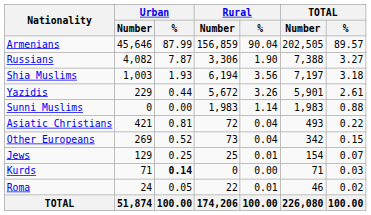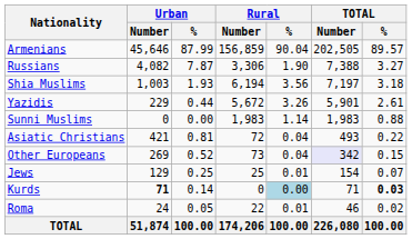 <table class="wikitable sortable">
 <tr>
 <th rowspan="2">Nationality</th>
 <th colspan="2"><a href='#'>Urban</a></th>
 <th colspan="2"><a href='#'>Rural</a></th>
 <th colspan="2">TOTAL</th>
 </tr>
 <tr>
 <th>Number</th>
 <th>%</th>
 <th>Number</th>
 <th>%</th>
 <th>Number</th>
 <th>%</th>
 </tr>
 <tr>
 <td><a href='#'>Armenians</a></td>
 <td align="right">45,646</td>
 <td align="right">87.99</td>
 <td align="right">156,859</td>
 <td align="right">90.04</td>
 <td align="right">202,505</td>
 <td align="right">89.57</td>
 </tr>
 <tr>
 <td><a href='#'>Russians</a></td>
 <td align="right">4,082</td>
 <td align="right">7.87</td>
 <td align="right">3,306</td>
 <td align="right">1.90</td>
 <td align="right">7,388</td>
 <td align="right">3.27</td>
 </tr>
 <tr>
 <td><a href='#'>Shia Muslims</a></td>
 <td align="right">1,003</td>
 <td align="right">1.93</td>
 <td align="right">6,194</td>
 <td align="right">3.56</td>
 <td align="right">7,197</td>
 <td align="right">3.18</td>
 </tr>
 <tr>
 <td><a href='#'>Yazidis</a></td>
 <td align="right">229</td>
 <td align="right">0.44</td>
 <td align="right">5,672</td>
 <td align="right">3.26</td>
 <td align="right">5,901</td>
 <td align="right">2.61</td>
 </tr>
 <tr>
 <td><a href='#'>Sunni Muslims</a></td>
 <td align="right">0</td>
 <td align="right">0.00</td>
 <td align="right">1,983</td>
 <td align="right">1.14</td>
 <td align="right">1,983</td>
 <td align="right">0.88</td>
 </tr>
 <tr>
 <td><a href='#'>Asiatic Christians</a></td>
 <td align="right">421</td>
 <td align="right">0.81</td>
 <td align="right">72</td>
 <td align="right">0.04</td>
 <td align="right">493</td>
 <td align="right">0.22</td>
 </tr>
 <tr>
 <td><a href='#'>Other Europeans</a></td>
 <td align="right">269</td>
 <td align="right">0.52</td>
 <td align="right">73</td>
 <td align="right">0.04</td>
-<td align="right">342</td>
+<td align="right" style="background: lavender;">342</td>
 <td align="right">0.15</td>
 </tr>
 <tr>
 <td><a href='#'>Jews</a></td>
 <td align="right">129</td>
 <td align="right">0.25</td>
 <td align="right">25</td>
 <td align="right">0.01</td>
 <td align="right">154</td>
 <td align="right">0.07</td>
 </tr>
 <tr>
 <td><a href='#'>Kurds</a></td>
+<td align="right"><strong>71</strong></td>
+<td align="right">0.14</td>
+<td align="right">0</td>
+<td align="right" style="background: lightblue;">0.00</td>
 <td align="right">71</td>
-<td align="right"><strong>0.14</strong></td>
-<td align="right">0</td>
-<td align="right">0.00</td>
-<td align="right">71</td>
-<td align="right">0.03</td>
+<td align="right"><strong>0.03</strong></td>
 </tr>
 <tr>
 <td><a href='#'>Roma</a></td>
 <td align="right">24</td>
 <td align="right">0.05</td>
 <td align="right">22</td>
 <td align="right">0.01</td>
 <td align="right">46</td>
 <td align="right">0.02</td>
 </tr>
 <tr>
 <th>TOTAL</th>
 <th>51,874</th>
 <th>100.00</th>
 <th>174,206</th>
 <th>100.00</th>
 <th>226,080</th>
 <th>100.00</th>
 </tr>
 </table>
